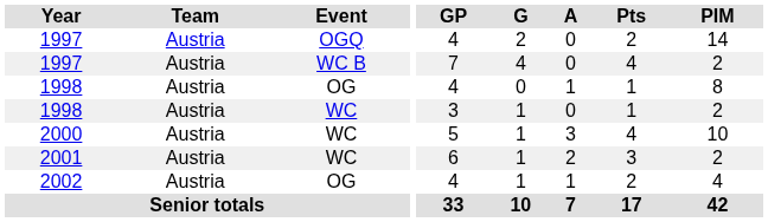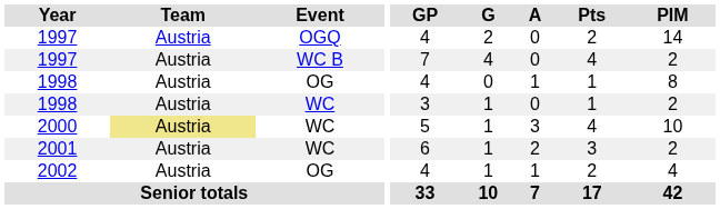 <table border="0" cellpadding="1" cellspacing="0" style="text-align:center; width:40em">
 <tr bgcolor="#e0e0e0">
 <th>Year</th>
 <th>Team</th>
 <th>Event</th>
 <th rowspan="99" bgcolor="#ffffff"></th>
 <th>GP</th>
 <th>G</th>
 <th>A</th>
 <th>Pts</th>
 <th>PIM</th>
 </tr>
 <tr>
 <td><a href='#'>1997</a></td>
 <td><a href='#'>Austria</a></td>
 <td><a href='#'>OGQ</a></td>
 <td>4</td>
 <td>2</td>
 <td>0</td>
 <td>2</td>
 <td>14</td>
 </tr>
 <tr bgcolor="#f0f0f0">
 <td><a href='#'>1997</a></td>
 <td>Austria</td>
 <td><a href='#'>WC B</a></td>
 <td>7</td>
 <td>4</td>
 <td>0</td>
 <td>4</td>
 <td>2</td>
 </tr>
 <tr>
 <td><a href='#'>1998</a></td>
 <td>Austria</td>
 <td>OG</td>
 <td>4</td>
 <td>0</td>
 <td>1</td>
 <td>1</td>
 <td>8</td>
 </tr>
 <tr bgcolor="#f0f0f0">
 <td><a href='#'>1998</a></td>
 <td>Austria</td>
 <td><a href='#'>WC</a></td>
 <td>3</td>
 <td>1</td>
 <td>0</td>
 <td>1</td>
 <td>2</td>
 </tr>
 <tr>
 <td><a href='#'>2000</a></td>
-<td>Austria</td>
+<td style="background: khaki;">Austria</td>
 <td>WC</td>
 <td>5</td>
 <td>1</td>
 <td>3</td>
 <td>4</td>
 <td>10</td>
 </tr>
 <tr bgcolor="#f0f0f0">
 <td><a href='#'>2001</a></td>
 <td>Austria</td>
 <td>WC</td>
 <td>6</td>
 <td>1</td>
 <td>2</td>
 <td>3</td>
 <td>2</td>
 </tr>
 <tr>
 <td><a href='#'>2002</a></td>
 <td>Austria</td>
 <td>OG</td>
 <td>4</td>
 <td>1</td>
 <td>1</td>
 <td>2</td>
 <td>4</td>
 </tr>
 <tr bgcolor="#e0e0e0">
 <th colspan="3">Senior totals</th>
 <th>33</th>
 <th>10</th>
 <th>7</th>
 <th>17</th>
 <th>42</th>
 </tr>
 </table>
